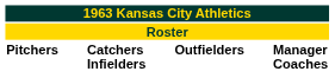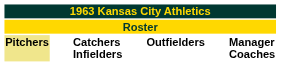 <table class="toccolours" style="font-size: 95%;">
 <tr>
 <th colspan="10" style="background-color: #003831; color: #FFD800; text-align: center;">1963 Kansas City Athletics</th>
 </tr>
 <tr>
 <td colspan="10" style="background-color: #FFD800; color: #003831; text-align: center;"><strong>Roster</strong></td>
 </tr>
 <tr>
-<td valign="top"><strong>Pitchers</strong><br>                  </td>
+<td valign="top" style="background: khaki;"><strong>Pitchers</strong><br>                  </td>
 <td width="25px"></td>
 <td valign="top"><strong>Catchers</strong><br>     <strong>Infielders</strong>         </td>
 <td width="25px"></td>
 <td valign="top"><strong>Outfielders</strong><br>         </td>
 <td width="25px"></td>
 <td valign="top"><strong>Manager</strong><br> <strong>Coaches</strong>   </td>
 </tr>
 </table>
